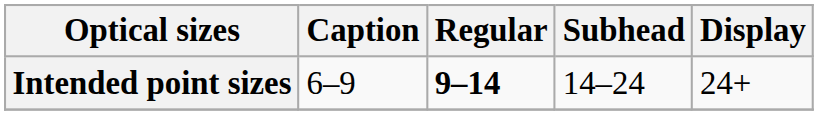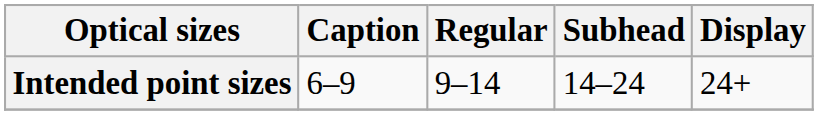 <table class="wikitable">
 <tr>
 <th>Optical sizes</th>
 <th>Caption</th>
 <th>Regular</th>
 <th>Subhead</th>
 <th>Display</th>
 </tr>
 <tr>
 <th>Intended point sizes</th>
 <td>6–9</td>
-<td><strong>9–14</strong></td>
+<td>9–14</td>
 <td>14–24</td>
 <td>24+</td>
 </tr>
 <tr>
 </tr>
 </table>
